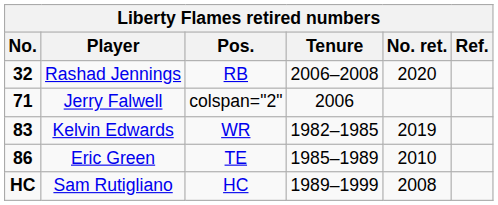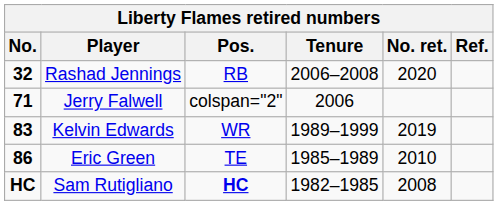 <table class="wikitable" style="text-align:center">
 <tr>
 <th colspan=6 style =><strong>Liberty Flames retired numbers</strong></th>
 </tr>
 <tr>
 <th style = >No.</th>
 <th style = >Player</th>
 <th style = >Pos.</th>
 <th style = >Tenure</th>
 <th style = >No. ret.</th>
 <th style = >Ref.</th>
 </tr>
 <tr>
 <td><strong>32</strong></td>
 <td><a href='#'>Rashad Jennings</a></td>
 <td><a href='#'>RB</a></td>
 <td>2006–2008</td>
 <td>2020</td>
 <td></td>
 </tr>
 <tr>
 <td><strong>71</strong></td>
 <td><a href='#'>Jerry Falwell</a></td>
 <td>colspan="2" </td>
 <td>2006</td>
 <td></td>
 </tr>
 <tr>
 <td><strong>83</strong></td>
 <td><a href='#'>Kelvin Edwards</a></td>
 <td><a href='#'>WR</a></td>
-<td>1982–1985</td>
+<td>1989–1999</td>
 <td>2019</td>
 <td></td>
 </tr>
 <tr>
 <td><strong>86</strong></td>
 <td><a href='#'>Eric Green</a></td>
 <td><a href='#'>TE</a></td>
 <td>1985–1989</td>
 <td>2010</td>
 <td></td>
 </tr>
 <tr>
 <td><strong>HC</strong></td>
 <td><a href='#'>Sam Rutigliano</a></td>
-<td><a href='#'>HC</a></td>
-<td>1989–1999</td>
+<td><strong><a href='#'>HC</a></strong></td>
+<td>1982–1985</td>
 <td>2008</td>
 <td></td>
 </tr>
 </table>
